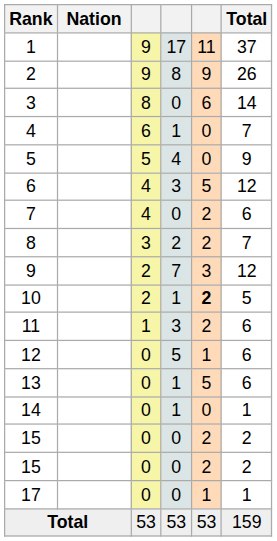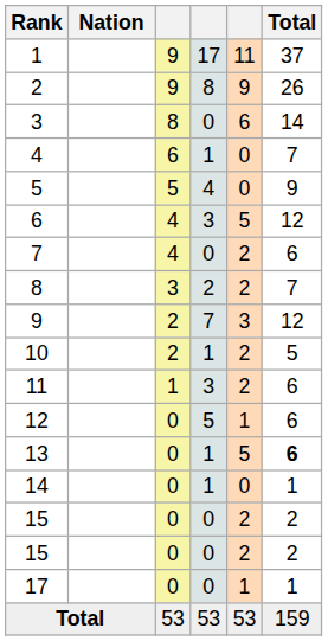 <table class=wikitable width=35% cellspacing="1" cellpadding="3" style="border:1px solid #AAAAAA;font-size:90%">
 <tr bgcolor="#EFEFEF">
 <th width=50>Rank</th>
 <th width=200>Nation</th>
 <th width=50></th>
 <th width=50></th>
 <th width=50></th>
 <th width=50>Total</th>
 </tr>
 <tr align="center" valign="top" bgcolor="#FFFFFF">
 <td rowspan="1" valign="center">1</td>
 <td align="left"></td>
 <td style="background:#F7F6A8;">9</td>
 <td style="background:#DCE5E5;">17</td>
 <td style="background:#FFDAB9;">11</td>
 <td>37</td>
 </tr>
 <tr align="center" valign="top" bgcolor="#FFFFFF">
 <td rowspan="1" valign="center">2</td>
 <td align="left"></td>
 <td style="background:#F7F6A8;">9</td>
 <td style="background:#DCE5E5;">8</td>
 <td style="background:#FFDAB9;">9</td>
 <td>26</td>
 </tr>
 <tr align="center" valign="top" bgcolor="#FFFFFF">
 <td rowspan="1" valign="center">3</td>
 <td align="left"></td>
 <td style="background:#F7F6A8;">8</td>
 <td style="background:#DCE5E5;">0</td>
 <td style="background:#FFDAB9;">6</td>
 <td>14</td>
 </tr>
 <tr align="center" valign="top" bgcolor="#FFFFFF">
 <td rowspan="1" valign="center">4</td>
 <td align="left"></td>
 <td style="background:#F7F6A8;">6</td>
 <td style="background:#DCE5E5;">1</td>
 <td style="background:#FFDAB9;">0</td>
 <td>7</td>
 </tr>
 <tr align="center" valign="top" bgcolor="#FFFFFF">
 <td rowspan="1" valign="center">5</td>
 <td align="left"></td>
 <td style="background:#F7F6A8;">5</td>
 <td style="background:#DCE5E5;">4</td>
 <td style="background:#FFDAB9;">0</td>
 <td>9</td>
 </tr>
 <tr align="center" valign="top" bgcolor="#FFFFFF">
 <td rowspan="1" valign="center">6</td>
 <td align="left"></td>
 <td style="background:#F7F6A8;">4</td>
 <td style="background:#DCE5E5;">3</td>
 <td style="background:#FFDAB9;">5</td>
 <td>12</td>
 </tr>
 <tr align="center" valign="top" bgcolor="#FFFFFF">
 <td rowspan="1" valign="center">7</td>
 <td align="left"></td>
 <td style="background:#F7F6A8;">4</td>
 <td style="background:#DCE5E5;">0</td>
 <td style="background:#FFDAB9;">2</td>
 <td>6</td>
 </tr>
 <tr align="center" valign="top" bgcolor="#FFFFFF">
 <td rowspan="1" valign="center">8</td>
 <td align="left"></td>
 <td style="background:#F7F6A8;">3</td>
 <td style="background:#DCE5E5;">2</td>
 <td style="background:#FFDAB9;">2</td>
 <td>7</td>
 </tr>
 <tr align="center" valign="top" bgcolor="#FFFFFF">
 <td rowspan="1" valign="center">9</td>
 <td align="left"></td>
 <td style="background:#F7F6A8;">2</td>
 <td style="background:#DCE5E5;">7</td>
 <td style="background:#FFDAB9;">3</td>
 <td>12</td>
 </tr>
 <tr align="center" valign="top" bgcolor="#FFFFFF">
 <td rowspan="1" valign="center">10</td>
 <td align="left"></td>
 <td style="background:#F7F6A8;">2</td>
 <td style="background:#DCE5E5;">1</td>
-<td style="background:#FFDAB9;"><strong>2</strong></td>
+<td style="background:#FFDAB9;">2</td>
 <td>5</td>
 </tr>
 <tr align="center" valign="top" bgcolor="#FFFFFF">
 <td rowspan="1" valign="center">11</td>
 <td align="left"></td>
 <td style="background:#F7F6A8;">1</td>
 <td style="background:#DCE5E5;">3</td>
 <td style="background:#FFDAB9;">2</td>
 <td>6</td>
 </tr>
 <tr align="center" valign="top" bgcolor="#FFFFFF">
 <td rowspan="1" valign="center">12</td>
 <td align="left"></td>
 <td style="background:#F7F6A8;">0</td>
 <td style="background:#DCE5E5;">5</td>
 <td style="background:#FFDAB9;">1</td>
 <td>6</td>
 </tr>
 <tr align="center" valign="top" bgcolor="#FFFFFF">
 <td rowspan="1" valign="center">13</td>
 <td align="left"></td>
 <td style="background:#F7F6A8;">0</td>
 <td style="background:#DCE5E5;">1</td>
 <td style="background:#FFDAB9;">5</td>
-<td>6</td>
+<td><strong>6</strong></td>
 </tr>
 <tr align="center" valign="top" bgcolor="#FFFFFF">
 <td rowspan="1" valign="center">14</td>
 <td align="left"></td>
 <td style="background:#F7F6A8;">0</td>
 <td style="background:#DCE5E5;">1</td>
 <td style="background:#FFDAB9;">0</td>
 <td>1</td>
 </tr>
 <tr align="center" valign="top" bgcolor="#FFFFFF">
 <td rowspan="1" valign="center">15</td>
 <td align="left"></td>
 <td style="background:#F7F6A8;">0</td>
 <td style="background:#DCE5E5;">0</td>
 <td style="background:#FFDAB9;">2</td>
 <td>2</td>
 </tr>
 <tr align="center" valign="top" bgcolor="#FFFFFF">
 <td rowspan="1" valign="center">15</td>
 <td align="left"></td>
 <td style="background:#F7F6A8;">0</td>
 <td style="background:#DCE5E5;">0</td>
 <td style="background:#FFDAB9;">2</td>
 <td>2</td>
 </tr>
 <tr align="center" valign="top" bgcolor="#FFFFFF">
 <td rowspan="1" valign="center">17</td>
 <td align="left"></td>
 <td style="background:#F7F6A8;">0</td>
 <td style="background:#DCE5E5;">0</td>
 <td style="background:#FFDAB9;">1</td>
 <td>1</td>
 </tr>
 <tr align="center" valign="top" bgcolor="#EFEFEF">
 <td colspan="2" rowspan="1" valign="center"><strong>Total</strong></td>
 <td>53</td>
 <td>53</td>
 <td>53</td>
 <td>159</td>
 </tr>
 </table>
